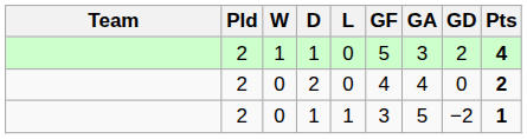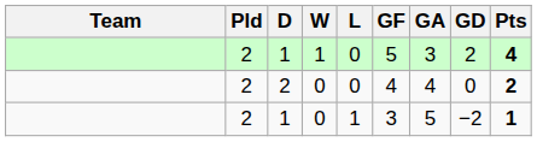 <table class="wikitable" style="text-align:center;">
 <tr>
 <th width=165>Team</th>
 <th width=20>Pld</th>
+<th width=20>D</th>
 <th width=20>W</th>
-<th width=20>D</th>
 <th width=20>L</th>
 <th width=20>GF</th>
 <th width=20>GA</th>
 <th width=20>GD</th>
 <th width=20>Pts</th>
 </tr>
 <tr style="background:#ccffcc;">
 <td style="text-align:left;"></td>
 <td>2</td>
 <td>1</td>
 <td>1</td>
 <td>0</td>
 <td>5</td>
 <td>3</td>
 <td>2</td>
 <td><strong>4</strong></td>
 </tr>
 <tr>
 <td style="text-align:left;"></td>
 <td>2</td>
+<td>2</td>
 <td>0</td>
-<td>2</td>
 <td>0</td>
 <td>4</td>
 <td>4</td>
 <td>0</td>
 <td><strong>2</strong></td>
 </tr>
 <tr>
 <td style="text-align:left;"></td>
 <td>2</td>
+<td>1</td>
 <td>0</td>
-<td>1</td>
 <td>1</td>
 <td>3</td>
 <td>5</td>
 <td>−2</td>
 <td><strong>1</strong></td>
 </tr>
 </table>
